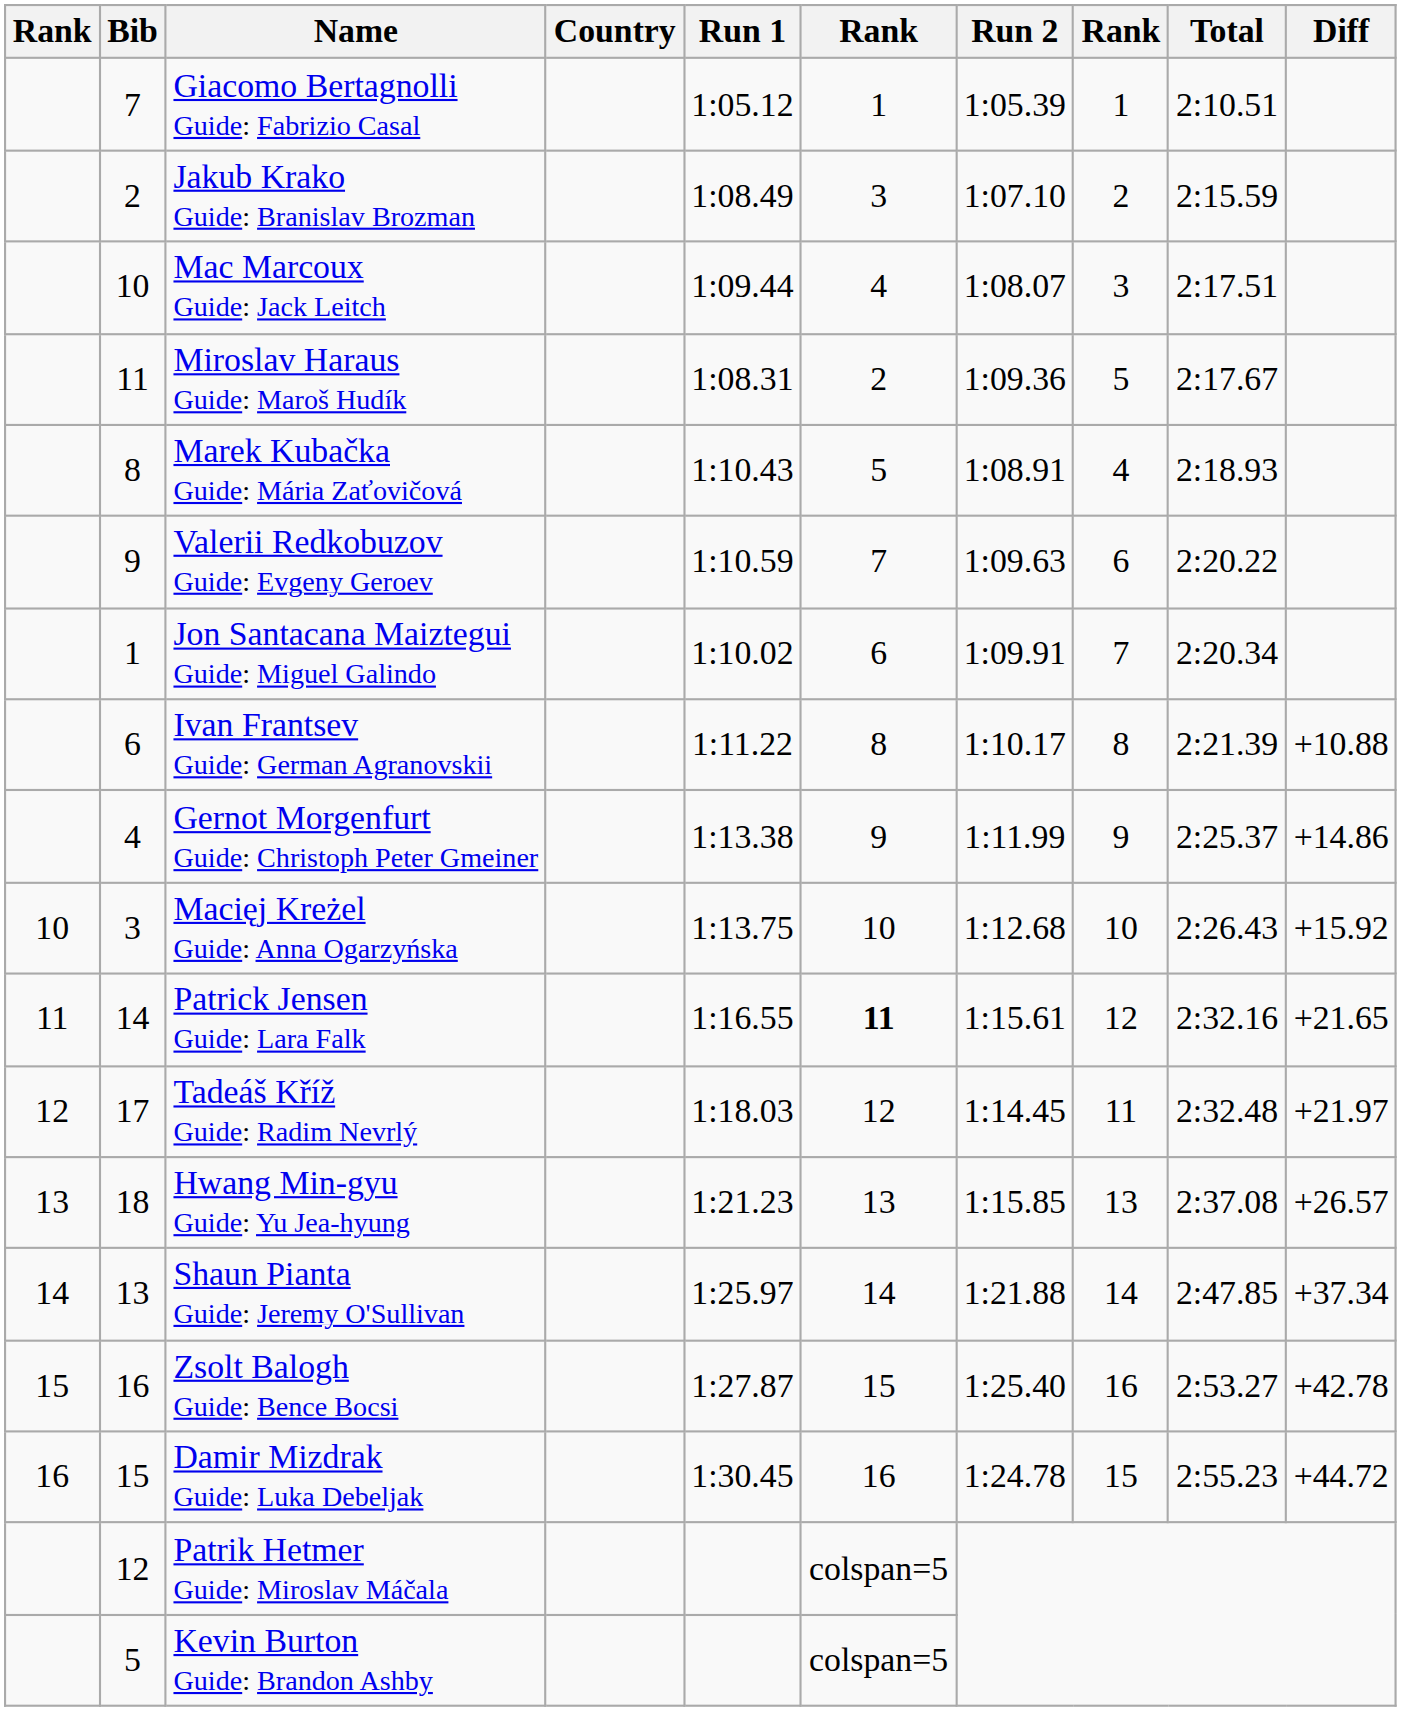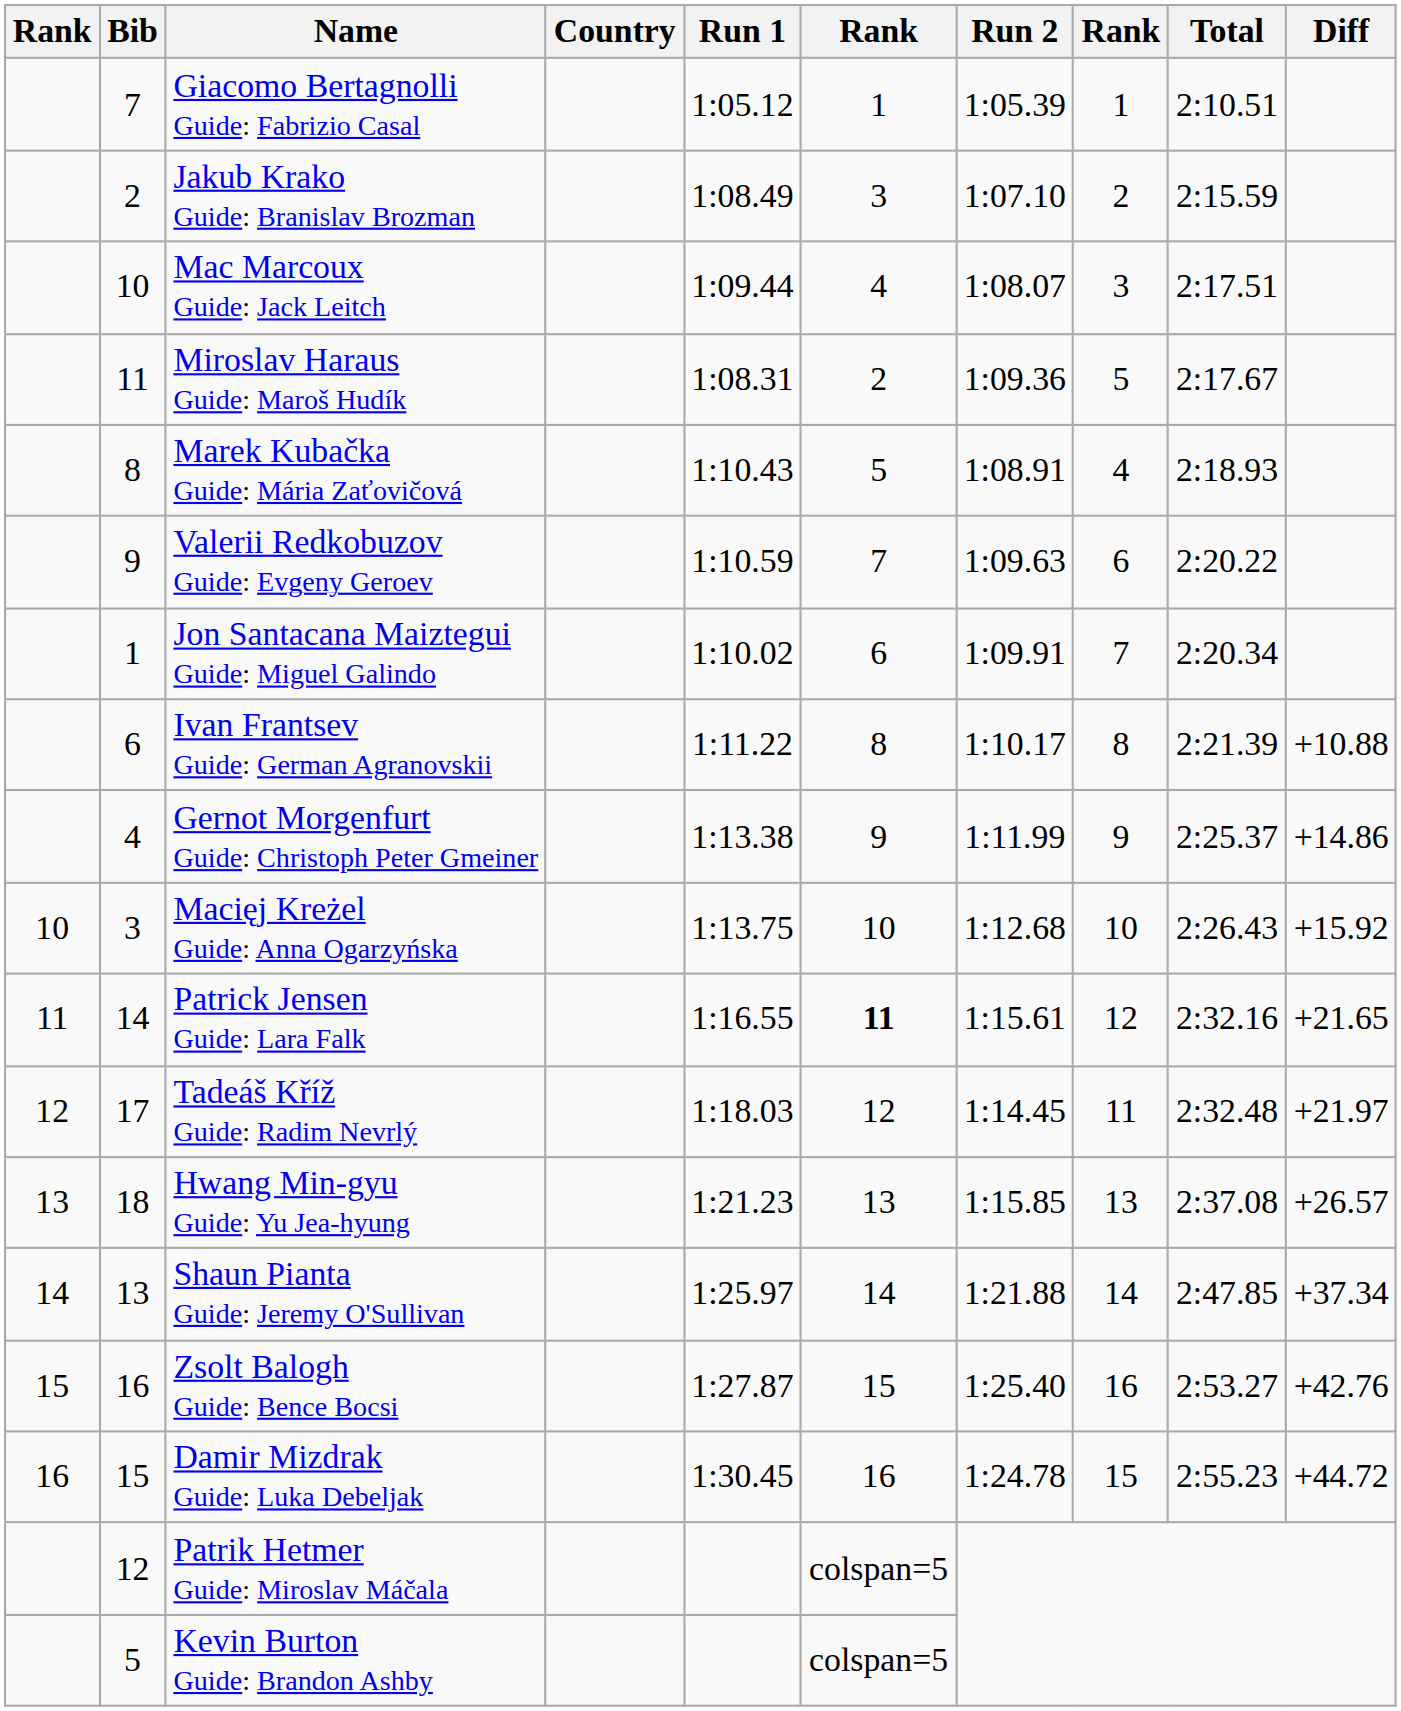 <table class="wikitable sortable" style="text-align:center">
 <tr>
 <th>Rank</th>
 <th>Bib</th>
 <th>Name</th>
 <th>Country</th>
 <th>Run 1</th>
 <th>Rank</th>
 <th>Run 2</th>
 <th>Rank</th>
 <th>Total</th>
 <th>Diff</th>
 </tr>
 <tr>
 <td></td>
 <td>7</td>
 <td align="left"><a href='#'>Giacomo Bertagnolli</a><br><small><a href='#'>Guide</a>: <a href='#'>Fabrizio Casal</a></small></td>
 <td align="left"></td>
 <td>1:05.12</td>
 <td>1</td>
 <td>1:05.39</td>
 <td>1</td>
 <td>2:10.51</td>
 <td></td>
 </tr>
 <tr>
 <td></td>
 <td>2</td>
 <td align="left"><a href='#'>Jakub Krako</a><br><small><a href='#'>Guide</a>: <a href='#'>Branislav Brozman</a></small></td>
 <td align="left"></td>
 <td>1:08.49</td>
 <td>3</td>
 <td>1:07.10</td>
 <td>2</td>
 <td>2:15.59</td>
 <td></td>
 </tr>
 <tr>
 <td></td>
 <td>10</td>
 <td align="left"><a href='#'>Mac Marcoux</a><br><small><a href='#'>Guide</a>: <a href='#'>Jack Leitch</a></small></td>
 <td align="left"></td>
 <td>1:09.44</td>
 <td>4</td>
 <td>1:08.07</td>
 <td>3</td>
 <td>2:17.51</td>
 <td></td>
 </tr>
 <tr>
 <td></td>
 <td>11</td>
 <td align="left"><a href='#'>Miroslav Haraus</a><br><small><a href='#'>Guide</a>: <a href='#'>Maroš Hudík</a></small></td>
 <td align="left"></td>
 <td>1:08.31</td>
 <td>2</td>
 <td>1:09.36</td>
 <td>5</td>
 <td>2:17.67</td>
 <td></td>
 </tr>
 <tr>
 <td></td>
 <td>8</td>
 <td align="left"><a href='#'>Marek Kubačka</a><br><small><a href='#'>Guide</a>: <a href='#'>Mária Zaťovičová</a></small></td>
 <td align="left"></td>
 <td>1:10.43</td>
 <td>5</td>
 <td>1:08.91</td>
 <td>4</td>
 <td>2:18.93</td>
 <td></td>
 </tr>
 <tr>
 <td></td>
 <td>9</td>
 <td align="left"><a href='#'>Valerii Redkobuzov</a><br><small><a href='#'>Guide</a>: <a href='#'>Evgeny Geroev</a></small></td>
 <td align="left"></td>
 <td>1:10.59</td>
 <td>7</td>
 <td>1:09.63</td>
 <td>6</td>
 <td>2:20.22</td>
 <td></td>
 </tr>
 <tr>
 <td></td>
 <td>1</td>
 <td align="left"><a href='#'>Jon Santacana Maiztegui</a><br><small><a href='#'>Guide</a>: <a href='#'>Miguel Galindo</a></small></td>
 <td align="left"></td>
 <td>1:10.02</td>
 <td>6</td>
 <td>1:09.91</td>
 <td>7</td>
 <td>2:20.34</td>
 <td></td>
 </tr>
 <tr>
 <td></td>
 <td>6</td>
 <td align="left"><a href='#'>Ivan Frantsev</a><br><small><a href='#'>Guide</a>: <a href='#'>German Agranovskii</a></small></td>
 <td align="left"></td>
 <td>1:11.22</td>
 <td>8</td>
 <td>1:10.17</td>
 <td>8</td>
 <td>2:21.39</td>
 <td>+10.88</td>
 </tr>
 <tr>
 <td></td>
 <td>4</td>
 <td align="left"><a href='#'>Gernot Morgenfurt</a><br><small><a href='#'>Guide</a>: <a href='#'>Christoph Peter Gmeiner</a></small></td>
 <td align="left"></td>
 <td>1:13.38</td>
 <td>9</td>
 <td>1:11.99</td>
 <td>9</td>
 <td>2:25.37</td>
 <td>+14.86</td>
 </tr>
 <tr>
 <td>10</td>
 <td>3</td>
 <td align="left"><a href='#'>Macięj Kreżel</a><br><small><a href='#'>Guide</a>: <a href='#'>Anna Ogarzyńska</a></small></td>
 <td align="left"></td>
 <td>1:13.75</td>
 <td>10</td>
 <td>1:12.68</td>
 <td>10</td>
 <td>2:26.43</td>
 <td>+15.92</td>
 </tr>
 <tr>
 <td>11</td>
 <td>14</td>
 <td align="left"><a href='#'>Patrick Jensen</a><br><small><a href='#'>Guide</a>: <a href='#'>Lara Falk</a></small></td>
 <td align="left"></td>
 <td>1:16.55</td>
 <td><strong>11</strong></td>
 <td>1:15.61</td>
 <td>12</td>
 <td>2:32.16</td>
 <td>+21.65</td>
 </tr>
 <tr>
 <td>12</td>
 <td>17</td>
 <td align="left"><a href='#'>Tadeáš Kříž</a><br><small><a href='#'>Guide</a>: <a href='#'>Radim Nevrlý</a></small></td>
 <td align="left"></td>
 <td>1:18.03</td>
 <td>12</td>
 <td>1:14.45</td>
 <td>11</td>
 <td>2:32.48</td>
 <td>+21.97</td>
 </tr>
 <tr>
 <td>13</td>
 <td>18</td>
 <td align="left"><a href='#'>Hwang Min-gyu</a><br><small><a href='#'>Guide</a>: <a href='#'>Yu Jea-hyung</a></small></td>
 <td align="left"></td>
 <td>1:21.23</td>
 <td>13</td>
 <td>1:15.85</td>
 <td>13</td>
 <td>2:37.08</td>
 <td>+26.57</td>
 </tr>
 <tr>
 <td>14</td>
 <td>13</td>
 <td align="left"><a href='#'>Shaun Pianta</a><br><small><a href='#'>Guide</a>: <a href='#'>Jeremy O'Sullivan</a></small></td>
 <td align="left"></td>
 <td>1:25.97</td>
 <td>14</td>
 <td>1:21.88</td>
 <td>14</td>
 <td>2:47.85</td>
 <td>+37.34</td>
 </tr>
 <tr>
 <td>15</td>
 <td>16</td>
 <td align="left"><a href='#'>Zsolt Balogh</a><br><small><a href='#'>Guide</a>: <a href='#'>Bence Bocsi</a></small></td>
 <td align="left"></td>
 <td>1:27.87</td>
 <td>15</td>
 <td>1:25.40</td>
 <td>16</td>
 <td>2:53.27</td>
-<td>+42.78</td>
+<td>+42.76</td>
 </tr>
 <tr>
 <td>16</td>
 <td>15</td>
 <td align="left"><a href='#'>Damir Mizdrak</a><br><small><a href='#'>Guide</a>: <a href='#'>Luka Debeljak</a></small></td>
 <td align="left"></td>
 <td>1:30.45</td>
 <td>16</td>
 <td>1:24.78</td>
 <td>15</td>
 <td>2:55.23</td>
 <td>+44.72</td>
 </tr>
 <tr>
 <td></td>
 <td>12</td>
 <td align="left"><a href='#'>Patrik Hetmer</a><br><small><a href='#'>Guide</a>: <a href='#'>Miroslav Máčala</a></small></td>
 <td align="left"></td>
 <td></td>
 <td>colspan=5 </td>
 </tr>
 <tr>
 <td></td>
 <td>5</td>
 <td align="left"><a href='#'>Kevin Burton</a><br><small><a href='#'>Guide</a>: <a href='#'>Brandon Ashby</a></small></td>
 <td align="left"></td>
 <td></td>
 <td>colspan=5 </td>
 </tr>
 </table>
